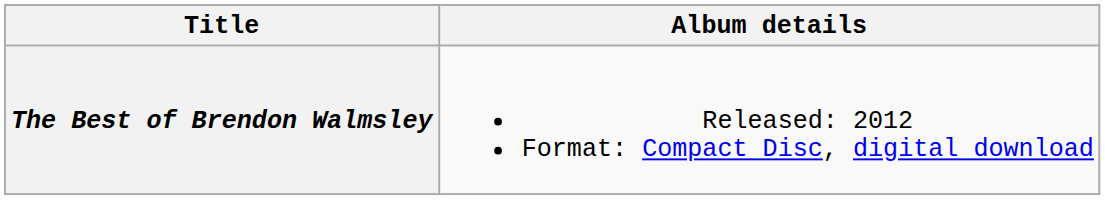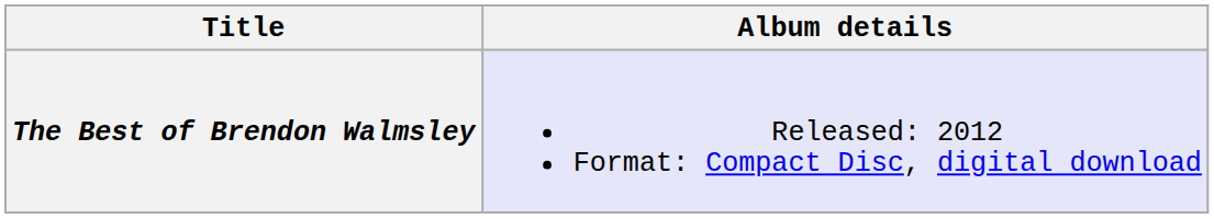 <table class="wikitable plainrowheaders" style="text-align:center;" border="1">
 <tr>
 <th scope="col">Title</th>
 <th scope="col">Album details</th>
 </tr>
 <tr>
 <th scope="row"><em>The Best of Brendon Walmsley</em></th>
-<td><br><ul><li>Released: 2012</li><li>Format: <a href='#'>Compact Disc</a>, <a href='#'>digital download</a></li></ul></td>
+<td style="background: lavender;"><br><ul><li>Released: 2012</li><li>Format: <a href='#'>Compact Disc</a>, <a href='#'>digital download</a></li></ul></td>
 </tr>
 </table>
